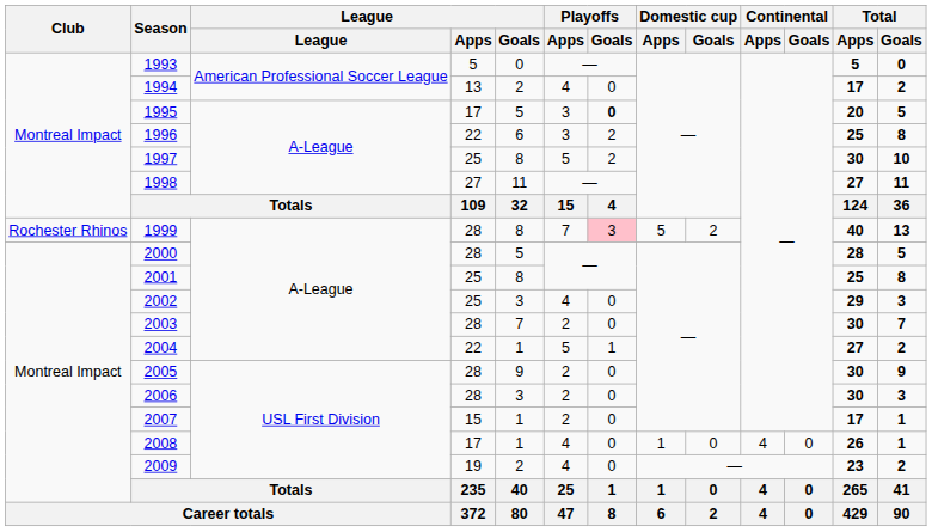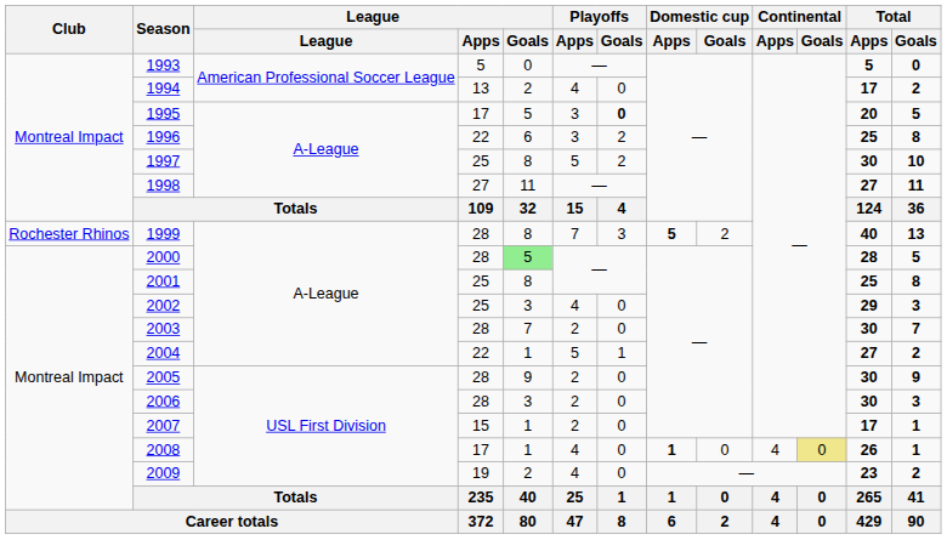 <table class="wikitable" Style="text-align: center">
 <tr>
 <th rowspan="2">Club</th>
 <th rowspan="2">Season</th>
 <th colspan="3">League</th>
 <th colspan="2">Playoffs</th>
 <th colspan="2">Domestic cup</th>
 <th colspan="2">Continental</th>
 <th colspan="2">Total</th>
 </tr>
 <tr>
 <th>League</th>
 <th>Apps</th>
 <th>Goals</th>
 <th>Apps</th>
 <th>Goals</th>
 <th>Apps</th>
 <th>Goals</th>
 <th>Apps</th>
 <th>Goals</th>
 <th>Apps</th>
 <th>Goals</th>
 </tr>
 <tr>
 <td rowspan="7"><a href='#'>Montreal Impact</a></td>
 <td><a href='#'>1993</a></td>
 <td rowspan="2"><a href='#'>American Professional Soccer League</a></td>
 <td>5</td>
 <td>0</td>
 <td colspan="2">—</td>
 <td rowspan="7" colspan="2">—</td>
 <td rowspan="16" colspan="2">—</td>
 <td><strong>5</strong></td>
 <td><strong>0</strong></td>
 </tr>
 <tr>
 <td><a href='#'>1994</a></td>
 <td>13</td>
 <td>2</td>
 <td>4</td>
 <td>0</td>
 <td><strong>17</strong></td>
 <td><strong>2</strong></td>
 </tr>
 <tr>
 <td><a href='#'>1995</a></td>
 <td rowspan="4"><a href='#'>A-League</a></td>
 <td>17</td>
 <td>5</td>
 <td>3</td>
 <td><strong>0</strong></td>
 <td><strong>20</strong></td>
 <td><strong>5</strong></td>
 </tr>
 <tr>
 <td><a href='#'>1996</a></td>
 <td>22</td>
 <td>6</td>
 <td>3</td>
 <td>2</td>
 <td><strong>25</strong></td>
 <td><strong>8</strong></td>
 </tr>
 <tr>
 <td><a href='#'>1997</a></td>
 <td>25</td>
 <td>8</td>
 <td>5</td>
 <td>2</td>
 <td><strong>30</strong></td>
 <td><strong>10</strong></td>
 </tr>
 <tr>
 <td><a href='#'>1998</a></td>
 <td>27</td>
 <td>11</td>
 <td colspan="2">—</td>
 <td><strong>27</strong></td>
 <td><strong>11</strong></td>
 </tr>
 <tr>
 <th colspan="2">Totals</th>
 <th>109</th>
 <th>32</th>
 <th>15</th>
 <th>4</th>
 <th>124</th>
 <th>36</th>
 </tr>
 <tr>
 <td><a href='#'>Rochester Rhinos</a></td>
 <td><a href='#'>1999</a></td>
 <td rowspan="6">A-League</td>
 <td>28</td>
 <td>8</td>
 <td>7</td>
-<td style="background: pink;">3</td>
-<td>5</td>
+<td>3</td>
+<td><strong>5</strong></td>
 <td>2</td>
 <td><strong>40</strong></td>
 <td><strong>13</strong></td>
 </tr>
 <tr>
 <td rowspan="11">Montreal Impact</td>
 <td><a href='#'>2000</a></td>
 <td>28</td>
-<td>5</td>
+<td style="background: lightgreen;">5</td>
 <td rowspan="2" colspan="2">—</td>
 <td rowspan="8" colspan="2">—</td>
 <td><strong>28</strong></td>
 <td><strong>5</strong></td>
 </tr>
 <tr>
 <td><a href='#'>2001</a></td>
 <td>25</td>
 <td>8</td>
 <td><strong>25</strong></td>
 <td><strong>8</strong></td>
 </tr>
 <tr>
 <td><a href='#'>2002</a></td>
 <td>25</td>
 <td>3</td>
 <td>4</td>
 <td>0</td>
 <td><strong>29</strong></td>
 <td><strong>3</strong></td>
 </tr>
 <tr>
 <td><a href='#'>2003</a></td>
 <td>28</td>
 <td>7</td>
 <td>2</td>
 <td>0</td>
 <td><strong>30</strong></td>
 <td><strong>7</strong></td>
 </tr>
 <tr>
 <td><a href='#'>2004</a></td>
 <td>22</td>
 <td>1</td>
 <td>5</td>
 <td>1</td>
 <td><strong>27</strong></td>
 <td><strong>2</strong></td>
 </tr>
 <tr>
 <td><a href='#'>2005</a></td>
 <td rowspan="5"><a href='#'>USL First Division</a></td>
 <td>28</td>
 <td>9</td>
 <td>2</td>
 <td>0</td>
 <td><strong>30</strong></td>
 <td><strong>9</strong></td>
 </tr>
 <tr>
 <td><a href='#'>2006</a></td>
 <td>28</td>
 <td>3</td>
 <td>2</td>
 <td>0</td>
 <td><strong>30</strong></td>
 <td><strong>3</strong></td>
 </tr>
 <tr>
 <td><a href='#'>2007</a></td>
 <td>15</td>
 <td>1</td>
 <td>2</td>
 <td>0</td>
 <td><strong>17</strong></td>
 <td><strong>1</strong></td>
 </tr>
 <tr>
 <td><a href='#'>2008</a></td>
 <td>17</td>
 <td>1</td>
 <td>4</td>
 <td>0</td>
-<td>1</td>
+<td><strong>1</strong></td>
 <td>0</td>
 <td>4</td>
-<td>0</td>
+<td style="background: khaki;">0</td>
 <td><strong>26</strong></td>
 <td><strong>1</strong></td>
 </tr>
 <tr>
 <td><a href='#'>2009</a></td>
 <td>19</td>
 <td>2</td>
 <td>4</td>
 <td>0</td>
 <td colspan="4">—</td>
 <td><strong>23</strong></td>
 <td><strong>2</strong></td>
 </tr>
 <tr>
 <th colspan="2">Totals</th>
 <th>235</th>
 <th>40</th>
 <th>25</th>
 <th>1</th>
 <th>1</th>
 <th>0</th>
 <th>4</th>
 <th>0</th>
 <th>265</th>
 <th>41</th>
 </tr>
 <tr>
 <th colspan="3">Career totals</th>
 <th>372</th>
 <th>80</th>
 <th>47</th>
 <th>8</th>
 <th>6</th>
 <th>2</th>
 <th>4</th>
 <th>0</th>
 <th>429</th>
 <th>90</th>
 </tr>
 </table>
